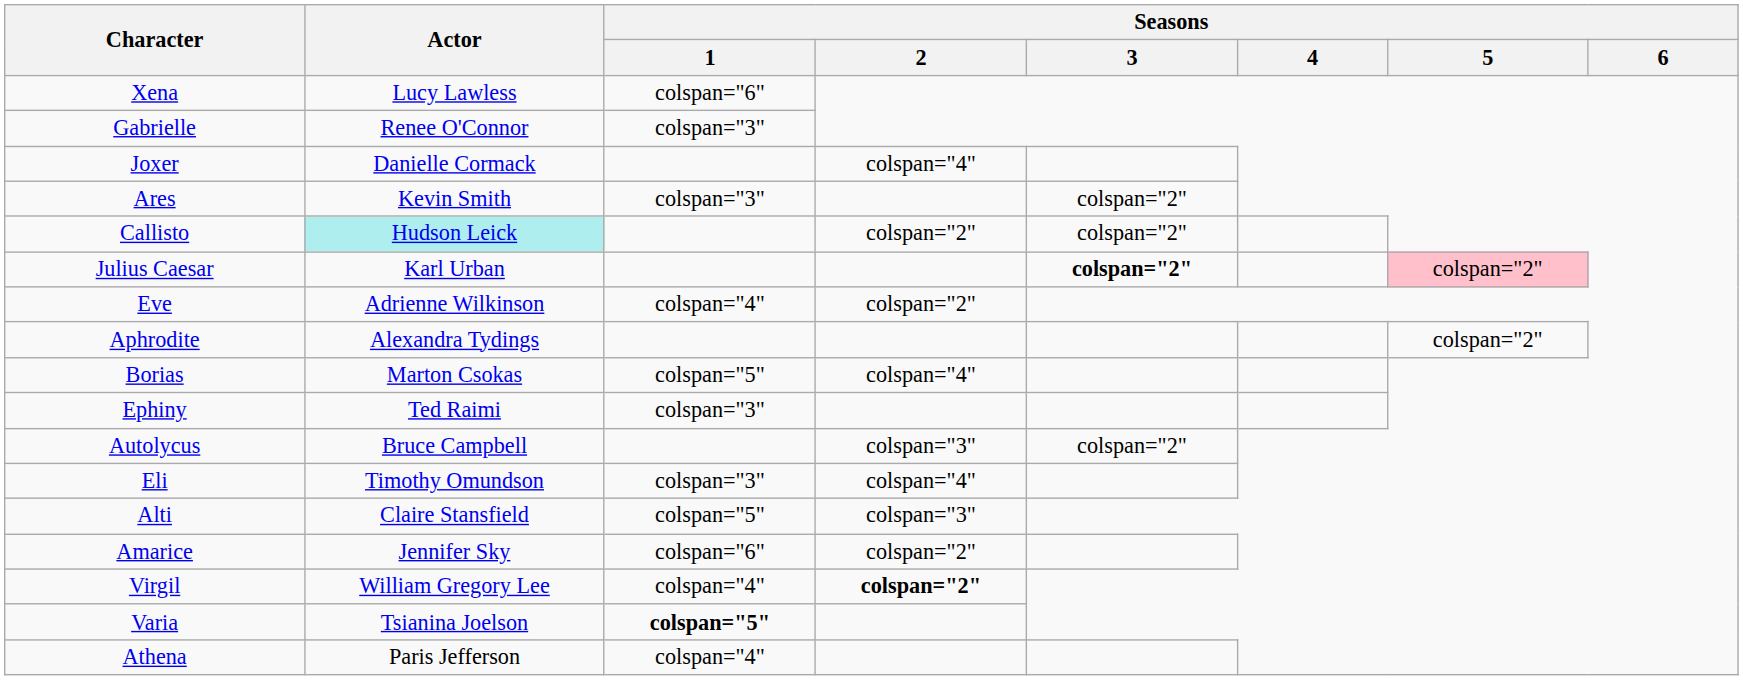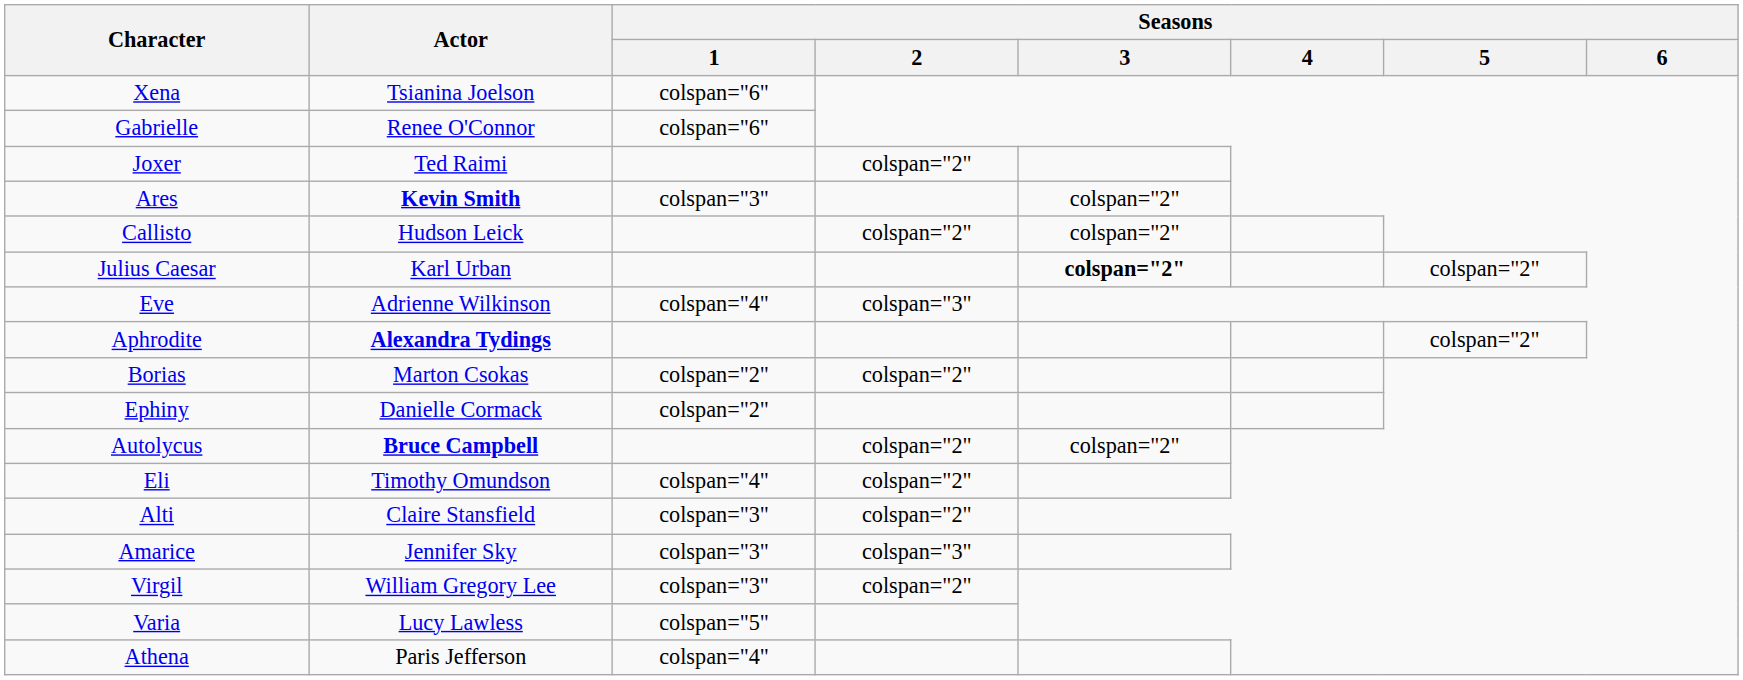 <table class="wikitable plainrowheaders" style="text-align:center">
 <tr>
 <th rowspan="2" width="8%" scope="col">Character</th>
 <th rowspan="2" width="8%" scope="col">Actor</th>
 <th colspan="6">Seasons</th>
 </tr>
 <tr>
 <th width="4%" scope="col">1</th>
 <th width="4%" scope="col">2</th>
 <th width="4%" scope="col">3</th>
 <th width="4%" scope="col">4</th>
 <th width="4%" scope="col">5</th>
 <th width="4%" scope="col">6</th>
 </tr>
 <tr>
 <td><a href='#'>Xena</a></td>
-<td><a href='#'>Lucy Lawless</a></td>
+<td><a href='#'>Tsianina Joelson</a></td>
 <td>colspan="6" </td>
 </tr>
 <tr>
 <td><a href='#'>Gabrielle</a></td>
 <td><a href='#'>Renee O'Connor</a></td>
-<td>colspan="3" </td>
+<td>colspan="6" </td>
 </tr>
 <tr>
 <td><a href='#'>Joxer</a></td>
-<td><a href='#'>Danielle Cormack</a></td>
+<td><a href='#'>Ted Raimi</a></td>
 <td></td>
-<td>colspan="4" </td>
+<td>colspan="2" </td>
 <td></td>
 </tr>
 <tr>
 <td><a href='#'>Ares</a></td>
-<td><a href='#'>Kevin Smith</a></td>
+<td><strong><a href='#'>Kevin Smith</a></strong></td>
 <td>colspan="3" </td>
 <td></td>
 <td>colspan="2" </td>
 </tr>
 <tr>
 <td><a href='#'>Callisto</a></td>
-<td style="background: paleturquoise;"><a href='#'>Hudson Leick</a></td>
+<td><a href='#'>Hudson Leick</a></td>
 <td></td>
 <td>colspan="2" </td>
 <td>colspan="2" </td>
 <td></td>
 </tr>
 <tr>
 <td><a href='#'>Julius Caesar</a></td>
 <td><a href='#'>Karl Urban</a></td>
 <td></td>
 <td></td>
 <td><strong>colspan="2" </strong></td>
 <td></td>
-<td style="background: pink;">colspan="2" </td>
+<td>colspan="2" </td>
 </tr>
 <tr>
 <td><a href='#'>Eve</a></td>
 <td><a href='#'>Adrienne Wilkinson</a></td>
 <td>colspan="4" </td>
-<td>colspan="2" </td>
+<td>colspan="3" </td>
 </tr>
 <tr>
 <td><a href='#'>Aphrodite</a></td>
-<td><a href='#'>Alexandra Tydings</a></td>
+<td><strong><a href='#'>Alexandra Tydings</a></strong></td>
 <td></td>
 <td></td>
 <td></td>
 <td></td>
 <td>colspan="2" </td>
 </tr>
 <tr>
 <td><a href='#'>Borias</a></td>
 <td><a href='#'>Marton Csokas</a></td>
-<td>colspan="5" </td>
-<td>colspan="4" </td>
+<td>colspan="2" </td>
+<td>colspan="2" </td>
 <td></td>
 <td></td>
 </tr>
 <tr>
 <td><a href='#'>Ephiny</a></td>
-<td><a href='#'>Ted Raimi</a></td>
-<td>colspan="3" </td>
+<td><a href='#'>Danielle Cormack</a></td>
+<td>colspan="2" </td>
 <td></td>
 <td></td>
 <td></td>
 </tr>
 <tr>
 <td><a href='#'>Autolycus</a></td>
-<td><a href='#'>Bruce Campbell</a></td>
+<td><strong><a href='#'>Bruce Campbell</a></strong></td>
 <td></td>
-<td>colspan="3" </td>
+<td>colspan="2" </td>
 <td>colspan="2" </td>
 </tr>
 <tr>
 <td><a href='#'>Eli</a></td>
 <td><a href='#'>Timothy Omundson</a></td>
-<td>colspan="3" </td>
 <td>colspan="4" </td>
+<td>colspan="2" </td>
 <td></td>
 </tr>
 <tr>
 <td><a href='#'>Alti</a></td>
 <td><a href='#'>Claire Stansfield</a></td>
-<td>colspan="5" </td>
 <td>colspan="3" </td>
+<td>colspan="2" </td>
 </tr>
 <tr>
 <td><a href='#'>Amarice</a></td>
 <td><a href='#'>Jennifer Sky</a></td>
-<td>colspan="6" </td>
-<td>colspan="2" </td>
+<td>colspan="3" </td>
+<td>colspan="3" </td>
 <td></td>
 </tr>
 <tr>
 <td><a href='#'>Virgil</a></td>
 <td><a href='#'>William Gregory Lee</a></td>
-<td>colspan="4" </td>
-<td><strong>colspan="2" </strong></td>
+<td>colspan="3" </td>
+<td>colspan="2" </td>
 </tr>
 <tr>
 <td><a href='#'>Varia</a></td>
-<td><a href='#'>Tsianina Joelson</a></td>
-<td><strong>colspan="5" </strong></td>
+<td><a href='#'>Lucy Lawless</a></td>
+<td>colspan="5" </td>
 <td></td>
 </tr>
 <tr>
 <td><a href='#'>Athena</a></td>
 <td>Paris Jefferson</td>
 <td>colspan="4" </td>
 <td></td>
 <td></td>
 </tr>
 </table>
